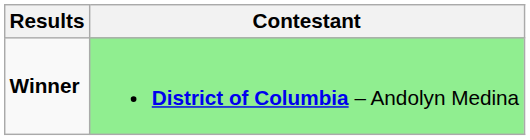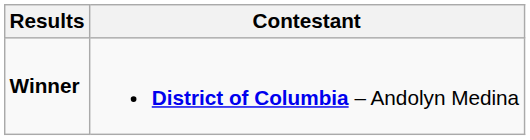 <table class="wikitable" style="font-size:90%;">
 <tr>
 <th>Results</th>
 <th>Contestant</th>
 </tr>
 <tr>
 <td><strong>Winner</strong></td>
-<td style="background: lightgreen;"><br><ul><li> <strong><a href='#'>District of Columbia</a></strong> – Andolyn Medina</li></ul></td>
+<td><br><ul><li> <strong><a href='#'>District of Columbia</a></strong> – Andolyn Medina</li></ul></td>
 </tr>
 </table>
